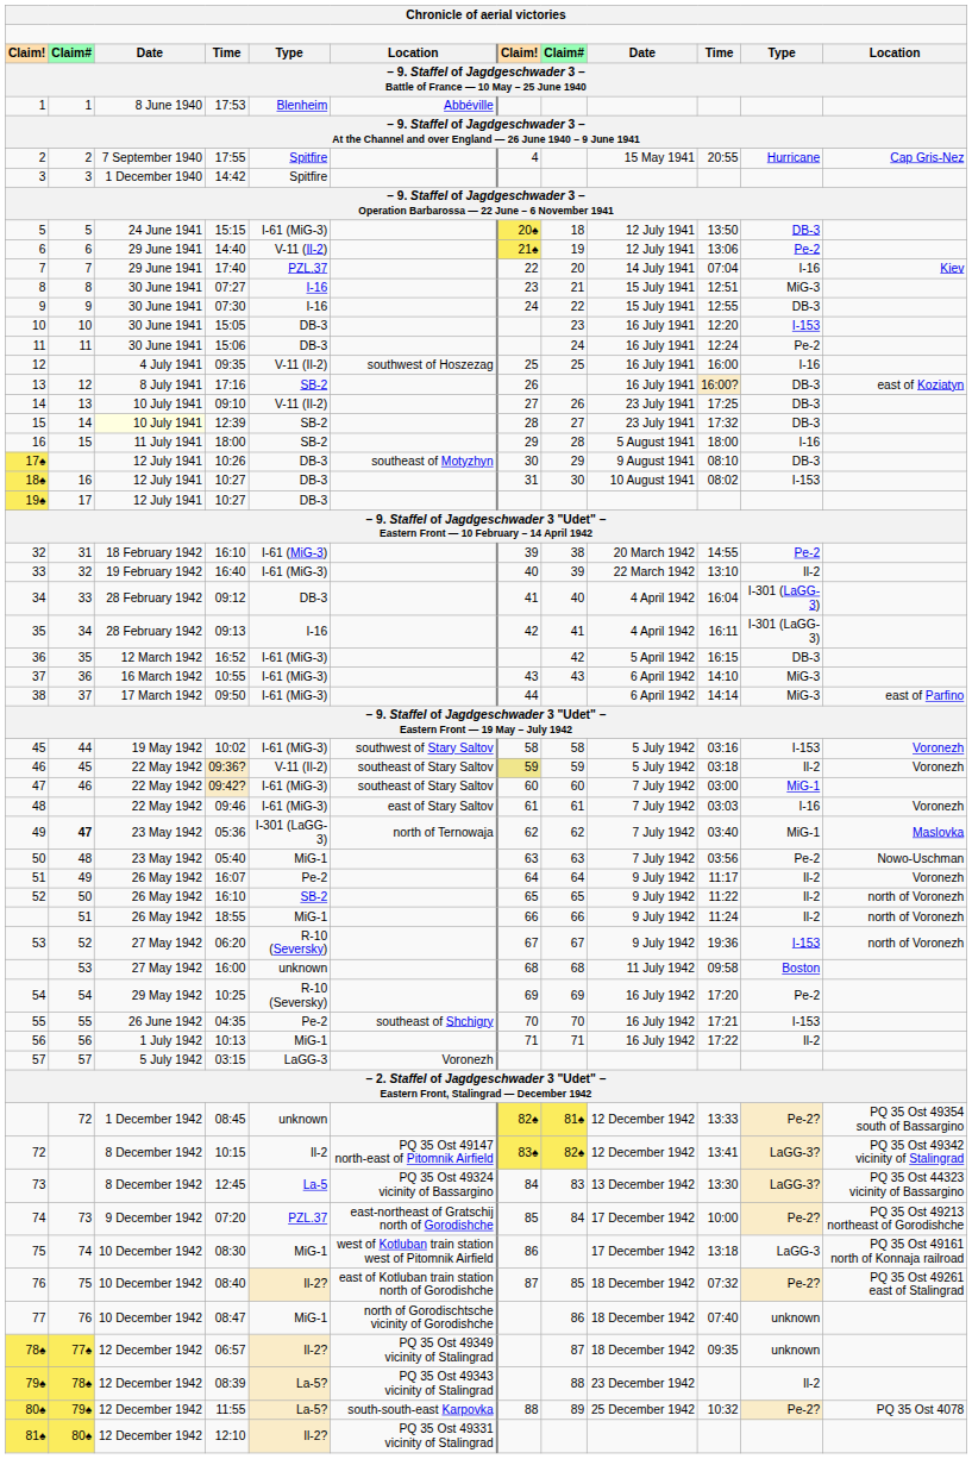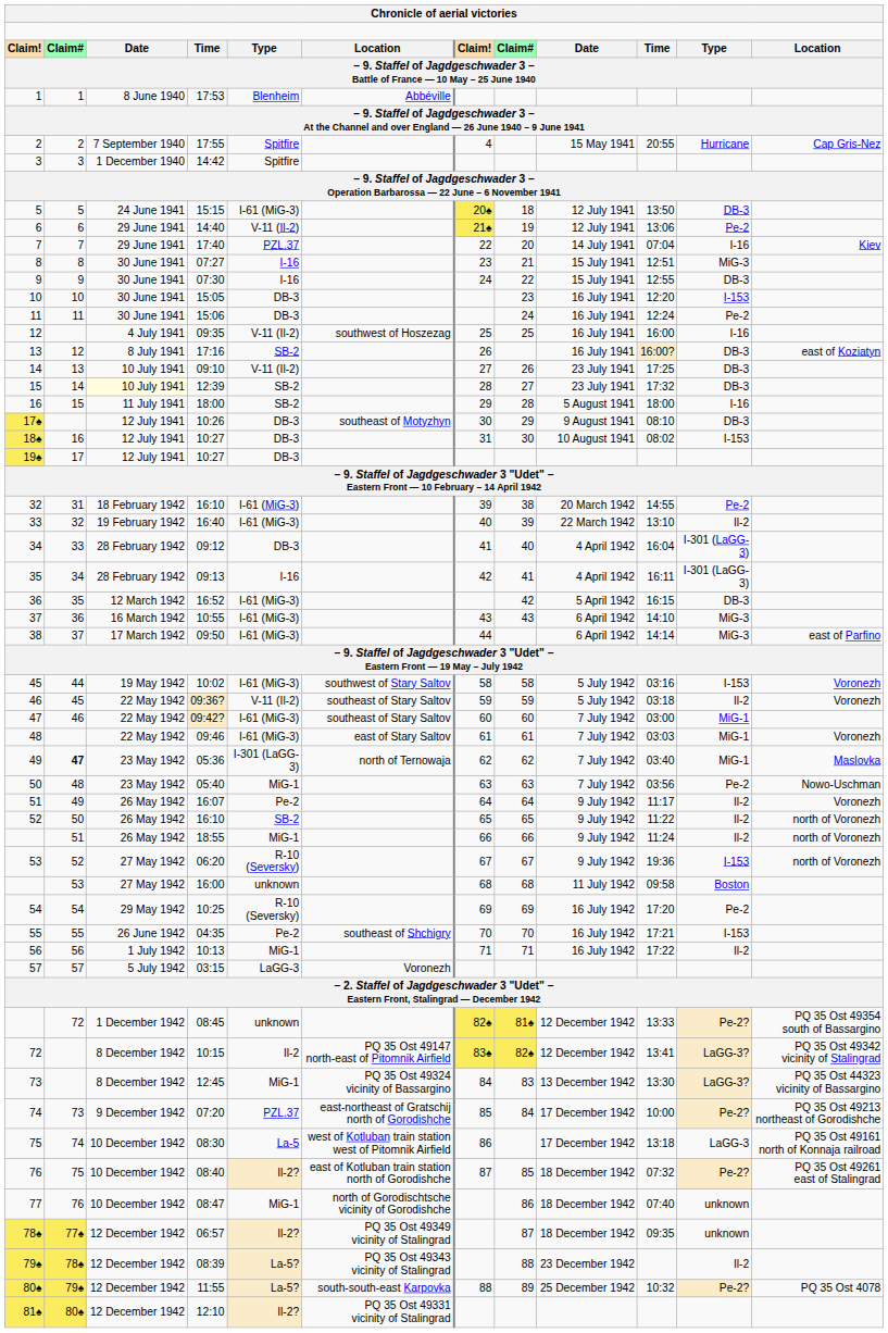 <table class="wikitable plainrowheaders collapsible" style="margin-left: auto; margin-right: auto; border: none; text-align:right; width: 100%;">
 <tr>
 <th colspan="12">Chronicle of aerial victories</th>
 </tr>
 <tr>
 <td colspan="12" style="text-align: left;"><br>   </td>
 </tr>
 <tr>
 <th scope="col" style="background:#ffdead">Claim!</th>
 <th scope="col" style="background:#97ffb6">Claim#</th>
 <th scope="col">Date</th>
 <th scope="col">Time</th>
 <th scope="col" width="100px">Type</th>
 <th scope="col">Location</th>
 <th scope="col" style="border-left: 3px solid grey; background:#ffdead">Claim!</th>
 <th scope="col" style="background:#97ffb6">Claim#</th>
 <th scope="col">Date</th>
 <th scope="col">Time</th>
 <th scope="col" width="100px">Type</th>
 <th scope="col">Location</th>
 </tr>
 <tr>
 <th colspan="12">– 9. <em>Staffel</em> of <em>Jagdgeschwader</em> 3 –<br><small>Battle of France — 10 May – 25 June 1940</small></th>
 </tr>
 <tr>
 <td>1</td>
 <td>1</td>
 <td>8 June 1940</td>
 <td>17:53</td>
 <td><a href='#'>Blenheim</a></td>
 <td><a href='#'>Abbéville</a></td>
 <td style="border-left: 3px solid grey;"></td>
 <td></td>
 <td></td>
 <td></td>
 <td></td>
 <td></td>
 </tr>
 <tr>
 <th colspan="12">– 9. <em>Staffel</em> of <em>Jagdgeschwader</em> 3 –<br><small>At the Channel and over England — 26 June 1940 – 9 June 1941</small></th>
 </tr>
 <tr>
 <td>2</td>
 <td>2</td>
 <td>7 September 1940</td>
 <td>17:55</td>
 <td><a href='#'>Spitfire</a></td>
 <td></td>
 <td style="border-left: 3px solid grey;">4</td>
 <td></td>
 <td>15 May 1941</td>
 <td>20:55</td>
 <td><a href='#'>Hurricane</a></td>
 <td><a href='#'>Cap Gris-Nez</a></td>
 </tr>
 <tr>
 <td>3</td>
 <td>3</td>
 <td>1 December 1940</td>
 <td>14:42</td>
 <td>Spitfire</td>
 <td></td>
 <td style="border-left: 3px solid grey;"></td>
 <td></td>
 <td></td>
 <td></td>
 <td></td>
 <td></td>
 </tr>
 <tr>
 <th colspan="12">– 9. <em>Staffel</em> of <em>Jagdgeschwader</em> 3 –<br><small>Operation Barbarossa — 22 June – 6 November 1941</small></th>
 </tr>
 <tr>
 <td>5</td>
 <td>5</td>
 <td>24 June 1941</td>
 <td>15:15</td>
 <td>I-61 (MiG-3)</td>
 <td></td>
 <td style="border-left: 3px solid grey; background:#fbec5d;">20♠</td>
 <td>18</td>
 <td>12 July 1941</td>
 <td>13:50</td>
 <td><a href='#'>DB-3</a></td>
 <td></td>
 </tr>
 <tr>
 <td>6</td>
 <td>6</td>
 <td>29 June 1941</td>
 <td>14:40</td>
 <td>V-11 (<a href='#'>Il-2</a>)</td>
 <td></td>
 <td style="border-left: 3px solid grey; background:#fbec5d;">21♠</td>
 <td>19</td>
 <td>12 July 1941</td>
 <td>13:06</td>
 <td><a href='#'>Pe-2</a></td>
 <td></td>
 </tr>
 <tr>
 <td>7</td>
 <td>7</td>
 <td>29 June 1941</td>
 <td>17:40</td>
 <td><a href='#'>PZL.37</a></td>
 <td></td>
 <td style="border-left: 3px solid grey;">22</td>
 <td>20</td>
 <td>14 July 1941</td>
 <td>07:04</td>
 <td>I-16</td>
 <td><a href='#'>Kiev</a></td>
 </tr>
 <tr>
 <td>8</td>
 <td>8</td>
 <td>30 June 1941</td>
 <td>07:27</td>
 <td><a href='#'>I-16</a></td>
 <td></td>
 <td style="border-left: 3px solid grey;">23</td>
 <td>21</td>
 <td>15 July 1941</td>
 <td>12:51</td>
 <td>MiG-3</td>
 <td></td>
 </tr>
 <tr>
 <td>9</td>
 <td>9</td>
 <td>30 June 1941</td>
 <td>07:30</td>
 <td>I-16</td>
 <td></td>
 <td style="border-left: 3px solid grey;">24</td>
 <td>22</td>
 <td>15 July 1941</td>
 <td>12:55</td>
 <td>DB-3</td>
 <td></td>
 </tr>
 <tr>
 <td>10</td>
 <td>10</td>
 <td>30 June 1941</td>
 <td>15:05</td>
 <td>DB-3</td>
 <td></td>
 <td style="border-left: 3px solid grey;"></td>
 <td>23</td>
 <td>16 July 1941</td>
 <td>12:20</td>
 <td><a href='#'>I-153</a></td>
 <td></td>
 </tr>
 <tr>
 <td>11</td>
 <td>11</td>
 <td>30 June 1941</td>
 <td>15:06</td>
 <td>DB-3</td>
 <td></td>
 <td style="border-left: 3px solid grey;"></td>
 <td>24</td>
 <td>16 July 1941</td>
 <td>12:24</td>
 <td>Pe-2</td>
 <td></td>
 </tr>
 <tr>
 <td>12</td>
 <td></td>
 <td>4 July 1941</td>
 <td>09:35</td>
 <td>V-11 (Il-2)</td>
 <td>southwest of Hoszezag</td>
 <td style="border-left: 3px solid grey;">25</td>
 <td>25</td>
 <td>16 July 1941</td>
 <td>16:00</td>
 <td>I-16</td>
 <td></td>
 </tr>
 <tr>
 <td>13</td>
 <td>12</td>
 <td>8 July 1941</td>
 <td>17:16</td>
 <td><a href='#'>SB-2</a></td>
 <td></td>
 <td style="border-left: 3px solid grey;">26</td>
 <td></td>
 <td>16 July 1941</td>
 <td style="background:#faecc8">16:00?</td>
 <td>DB-3</td>
 <td> east of <a href='#'>Koziatyn</a></td>
 </tr>
 <tr>
 <td>14</td>
 <td>13</td>
 <td>10 July 1941</td>
 <td>09:10</td>
 <td>V-11 (Il-2)</td>
 <td></td>
 <td style="border-left: 3px solid grey;">27</td>
 <td>26</td>
 <td>23 July 1941</td>
 <td>17:25</td>
 <td>DB-3</td>
 <td></td>
 </tr>
 <tr>
 <td>15</td>
 <td>14</td>
 <td style="background: lightyellow;">10 July 1941</td>
 <td>12:39</td>
 <td>SB-2</td>
 <td></td>
 <td style="border-left: 3px solid grey;">28</td>
 <td>27</td>
 <td>23 July 1941</td>
 <td>17:32</td>
 <td>DB-3</td>
 <td></td>
 </tr>
 <tr>
 <td>16</td>
 <td>15</td>
 <td>11 July 1941</td>
 <td>18:00</td>
 <td>SB-2</td>
 <td></td>
 <td style="border-left: 3px solid grey;">29</td>
 <td>28</td>
 <td>5 August 1941</td>
 <td>18:00</td>
 <td>I-16</td>
 <td></td>
 </tr>
 <tr>
 <td style="background:#fbec5d;">17♠</td>
 <td></td>
 <td>12 July 1941</td>
 <td>10:26</td>
 <td>DB-3</td>
 <td> southeast of <a href='#'>Motyzhyn</a></td>
 <td style="border-left: 3px solid grey;">30</td>
 <td>29</td>
 <td>9 August 1941</td>
 <td>08:10</td>
 <td>DB-3</td>
 <td></td>
 </tr>
 <tr>
 <td style="background:#fbec5d;">18♠</td>
 <td>16</td>
 <td>12 July 1941</td>
 <td>10:27</td>
 <td>DB-3</td>
 <td></td>
 <td style="border-left: 3px solid grey;">31</td>
 <td>30</td>
 <td>10 August 1941</td>
 <td>08:02</td>
 <td>I-153</td>
 <td></td>
 </tr>
 <tr>
 <td style="background:#fbec5d;">19♠</td>
 <td>17</td>
 <td>12 July 1941</td>
 <td>10:27</td>
 <td>DB-3</td>
 <td></td>
 <td style="border-left: 3px solid grey;"></td>
 <td></td>
 <td></td>
 <td></td>
 <td></td>
 <td></td>
 </tr>
 <tr>
 <th colspan="12">– 9. <em>Staffel</em> of <em>Jagdgeschwader</em> 3 "Udet" –<br><small>Eastern Front — 10 February – 14 April 1942</small></th>
 </tr>
 <tr>
 <td>32</td>
 <td>31</td>
 <td>18 February 1942</td>
 <td>16:10</td>
 <td>I-61 (<a href='#'>MiG-3</a>)</td>
 <td></td>
 <td style="border-left: 3px solid grey;">39</td>
 <td>38</td>
 <td>20 March 1942</td>
 <td>14:55</td>
 <td><a href='#'>Pe-2</a></td>
 <td></td>
 </tr>
 <tr>
 <td>33</td>
 <td>32</td>
 <td>19 February 1942</td>
 <td>16:40</td>
 <td>I-61 (MiG-3)</td>
 <td></td>
 <td style="border-left: 3px solid grey;">40</td>
 <td>39</td>
 <td>22 March 1942</td>
 <td>13:10</td>
 <td>Il-2</td>
 <td></td>
 </tr>
 <tr>
 <td>34</td>
 <td>33</td>
 <td>28 February 1942</td>
 <td>09:12</td>
 <td>DB-3</td>
 <td></td>
 <td style="border-left: 3px solid grey;">41</td>
 <td>40</td>
 <td>4 April 1942</td>
 <td>16:04</td>
 <td>I-301 (<a href='#'>LaGG-3</a>)</td>
 <td></td>
 </tr>
 <tr>
 <td>35</td>
 <td>34</td>
 <td>28 February 1942</td>
 <td>09:13</td>
 <td>I-16</td>
 <td></td>
 <td style="border-left: 3px solid grey;">42</td>
 <td>41</td>
 <td>4 April 1942</td>
 <td>16:11</td>
 <td>I-301 (LaGG-3)</td>
 <td></td>
 </tr>
 <tr>
 <td>36</td>
 <td>35</td>
 <td>12 March 1942</td>
 <td>16:52</td>
 <td>I-61 (MiG-3)</td>
 <td></td>
 <td style="border-left: 3px solid grey;"></td>
 <td>42</td>
 <td>5 April 1942</td>
 <td>16:15</td>
 <td>DB-3</td>
 <td></td>
 </tr>
 <tr>
 <td>37</td>
 <td>36</td>
 <td>16 March 1942</td>
 <td>10:55</td>
 <td>I-61 (MiG-3)</td>
 <td></td>
 <td style="border-left: 3px solid grey;">43</td>
 <td>43</td>
 <td>6 April 1942</td>
 <td>14:10</td>
 <td>MiG-3</td>
 <td></td>
 </tr>
 <tr>
 <td>38</td>
 <td>37</td>
 <td>17 March 1942</td>
 <td>09:50</td>
 <td>I-61 (MiG-3)</td>
 <td></td>
 <td style="border-left: 3px solid grey;">44</td>
 <td></td>
 <td>6 April 1942</td>
 <td>14:14</td>
 <td>MiG-3</td>
 <td> east of <a href='#'>Parfino</a></td>
 </tr>
 <tr>
 <th colspan="12">– 9. <em>Staffel</em> of <em>Jagdgeschwader</em> 3 "Udet" –<br><small>Eastern Front — 19 May – July 1942</small></th>
 </tr>
 <tr>
 <td>45</td>
 <td>44</td>
 <td>19 May 1942</td>
 <td>10:02</td>
 <td>I-61 (MiG-3)</td>
 <td> southwest of <a href='#'>Stary Saltov</a></td>
 <td style="border-left: 3px solid grey;">58</td>
 <td>58</td>
 <td>5 July 1942</td>
 <td>03:16</td>
 <td>I-153</td>
 <td><a href='#'>Voronezh</a></td>
 </tr>
 <tr>
 <td>46</td>
 <td>45</td>
 <td>22 May 1942</td>
 <td style="background:#faecc8">09:36?</td>
 <td>V-11 (Il-2)</td>
 <td> southeast of Stary Saltov</td>
-<td style="background: khaki; border-left: 3px solid grey;">59</td>
+<td style="border-left: 3px solid grey;">59</td>
 <td>59</td>
 <td>5 July 1942</td>
 <td>03:18</td>
 <td>Il-2</td>
 <td>Voronezh</td>
 </tr>
 <tr>
 <td>47</td>
 <td>46</td>
 <td>22 May 1942</td>
 <td style="background:#faecc8">09:42?</td>
 <td>I-61 (MiG-3)</td>
 <td> southeast of Stary Saltov</td>
 <td style="border-left: 3px solid grey;">60</td>
 <td>60</td>
 <td>7 July 1942</td>
 <td>03:00</td>
 <td><a href='#'>MiG-1</a></td>
 <td></td>
 </tr>
 <tr>
 <td>48</td>
 <td></td>
 <td>22 May 1942</td>
 <td>09:46</td>
 <td>I-61 (MiG-3)</td>
 <td> east of Stary Saltov</td>
 <td style="border-left: 3px solid grey;">61</td>
 <td>61</td>
 <td>7 July 1942</td>
 <td>03:03</td>
-<td>I-16</td>
+<td>MiG-1</td>
 <td>Voronezh</td>
 </tr>
 <tr>
 <td>49</td>
 <td><strong>47</strong></td>
 <td>23 May 1942</td>
 <td>05:36</td>
 <td>I-301 (LaGG-3)</td>
 <td>north of Ternowaja</td>
 <td style="border-left: 3px solid grey;">62</td>
 <td>62</td>
 <td>7 July 1942</td>
 <td>03:40</td>
 <td>MiG-1</td>
 <td><a href='#'>Maslovka</a></td>
 </tr>
 <tr>
 <td>50</td>
 <td>48</td>
 <td>23 May 1942</td>
 <td>05:40</td>
 <td>MiG-1</td>
 <td></td>
 <td style="border-left: 3px solid grey;">63</td>
 <td>63</td>
 <td>7 July 1942</td>
 <td>03:56</td>
 <td>Pe-2</td>
 <td>Nowo-Uschman</td>
 </tr>
 <tr>
 <td>51</td>
 <td>49</td>
 <td>26 May 1942</td>
 <td>16:07</td>
 <td>Pe-2</td>
 <td></td>
 <td style="border-left: 3px solid grey;">64</td>
 <td>64</td>
 <td>9 July 1942</td>
 <td>11:17</td>
 <td>Il-2</td>
 <td>Voronezh</td>
 </tr>
 <tr>
 <td>52</td>
 <td>50</td>
 <td>26 May 1942</td>
 <td>16:10</td>
 <td><a href='#'>SB-2</a></td>
 <td></td>
 <td style="border-left: 3px solid grey;">65</td>
 <td>65</td>
 <td>9 July 1942</td>
 <td>11:22</td>
 <td>Il-2</td>
 <td>north of Voronezh</td>
 </tr>
 <tr>
 <td></td>
 <td>51</td>
 <td>26 May 1942</td>
 <td>18:55</td>
 <td>MiG-1</td>
 <td></td>
 <td style="border-left: 3px solid grey;">66</td>
 <td>66</td>
 <td>9 July 1942</td>
 <td>11:24</td>
 <td>Il-2</td>
 <td>north of Voronezh</td>
 </tr>
 <tr>
 <td>53</td>
 <td>52</td>
 <td>27 May 1942</td>
 <td>06:20</td>
 <td>R-10 (<a href='#'>Seversky</a>)</td>
 <td></td>
 <td style="border-left: 3px solid grey;">67</td>
 <td>67</td>
 <td>9 July 1942</td>
 <td>19:36</td>
 <td><a href='#'>I-153</a></td>
 <td>north of Voronezh</td>
 </tr>
 <tr>
 <td></td>
 <td>53</td>
 <td>27 May 1942</td>
 <td>16:00</td>
 <td>unknown</td>
 <td></td>
 <td style="border-left: 3px solid grey;">68</td>
 <td>68</td>
 <td>11 July 1942</td>
 <td>09:58</td>
 <td><a href='#'>Boston</a></td>
 <td></td>
 </tr>
 <tr>
 <td>54</td>
 <td>54</td>
 <td>29 May 1942</td>
 <td>10:25</td>
 <td>R-10 (Seversky)</td>
 <td></td>
 <td style="border-left: 3px solid grey;">69</td>
 <td>69</td>
 <td>16 July 1942</td>
 <td>17:20</td>
 <td>Pe-2</td>
 <td></td>
 </tr>
 <tr>
 <td>55</td>
 <td>55</td>
 <td>26 June 1942</td>
 <td>04:35</td>
 <td>Pe-2</td>
 <td> southeast of <a href='#'>Shchigry</a></td>
 <td style="border-left: 3px solid grey;">70</td>
 <td>70</td>
 <td>16 July 1942</td>
 <td>17:21</td>
 <td>I-153</td>
 <td></td>
 </tr>
 <tr>
 <td>56</td>
 <td>56</td>
 <td>1 July 1942</td>
 <td>10:13</td>
 <td>MiG-1</td>
 <td></td>
 <td style="border-left: 3px solid grey;">71</td>
 <td>71</td>
 <td>16 July 1942</td>
 <td>17:22</td>
 <td>Il-2</td>
 <td></td>
 </tr>
 <tr>
 <td>57</td>
 <td>57</td>
 <td>5 July 1942</td>
 <td>03:15</td>
 <td>LaGG-3</td>
 <td>Voronezh</td>
 <td style="border-left: 3px solid grey;"></td>
 <td></td>
 <td></td>
 <td></td>
 <td></td>
 <td></td>
 </tr>
 <tr>
 <th colspan="12">– 2. <em>Staffel</em> of <em>Jagdgeschwader</em> 3 "Udet" –<br><small>Eastern Front, Stalingrad — December 1942</small></th>
 </tr>
 <tr>
 <td></td>
 <td>72</td>
 <td>1 December 1942</td>
 <td>08:45</td>
 <td>unknown</td>
 <td></td>
 <td style="border-left: 3px solid grey; background:#fbec5d;">82♠</td>
 <td style="background:#fbec5d;">81♠</td>
 <td>12 December 1942</td>
 <td>13:33</td>
 <td style="background:#faecc8">Pe-2?</td>
 <td>PQ 35 Ost 49354<br> south of Bassargino</td>
 </tr>
 <tr>
 <td>72</td>
 <td></td>
 <td>8 December 1942</td>
 <td>10:15</td>
 <td>Il-2</td>
 <td>PQ 35 Ost 49147<br> north-east of <a href='#'>Pitomnik Airfield</a></td>
 <td style="border-left: 3px solid grey; background:#fbec5d;">83♠</td>
 <td style="background:#fbec5d;">82♠</td>
 <td>12 December 1942</td>
 <td>13:41</td>
 <td style="background:#faecc8">LaGG-3?</td>
 <td>PQ 35 Ost 49342<br>vicinity of <a href='#'>Stalingrad</a></td>
 </tr>
 <tr>
 <td>73</td>
 <td></td>
 <td>8 December 1942</td>
 <td>12:45</td>
-<td><a href='#'>La-5</a></td>
+<td>MiG-1</td>
 <td>PQ 35 Ost 49324<br>vicinity of Bassargino</td>
 <td style="border-left: 3px solid grey;">84</td>
 <td>83</td>
 <td>13 December 1942</td>
 <td>13:30</td>
 <td style="background:#faecc8">LaGG-3?</td>
 <td>PQ 35 Ost 44323<br>vicinity of Bassargino</td>
 </tr>
 <tr>
 <td>74</td>
 <td>73</td>
 <td>9 December 1942</td>
 <td>07:20</td>
 <td><a href='#'>PZL.37</a></td>
 <td> east-northeast of Gratschij<br> north of <a href='#'>Gorodishche</a></td>
 <td style="border-left: 3px solid grey;">85</td>
 <td>84</td>
 <td>17 December 1942</td>
 <td>10:00</td>
 <td style="background:#faecc8">Pe-2?</td>
 <td>PQ 35 Ost 49213<br> northeast of Gorodishche</td>
 </tr>
 <tr>
 <td>75</td>
 <td>74</td>
 <td>10 December 1942</td>
 <td>08:30</td>
-<td>MiG-1</td>
+<td><a href='#'>La-5</a></td>
 <td>west of <a href='#'>Kotluban</a> train station<br>west of Pitomnik Airfield</td>
 <td style="border-left: 3px solid grey;">86</td>
 <td></td>
 <td>17 December 1942</td>
 <td>13:18</td>
 <td>LaGG-3</td>
 <td>PQ 35 Ost 49161<br>north of Konnaja railroad</td>
 </tr>
 <tr>
 <td>76</td>
 <td>75</td>
 <td>10 December 1942</td>
 <td>08:40</td>
 <td style="background:#faecc8">Il-2?</td>
 <td> east of Kotluban train station<br> north of Gorodishche</td>
 <td style="border-left: 3px solid grey;">87</td>
 <td>85</td>
 <td>18 December 1942</td>
 <td>07:32</td>
 <td style="background:#faecc8">Pe-2?</td>
 <td>PQ 35 Ost 49261<br> east of Stalingrad</td>
 </tr>
 <tr>
 <td>77</td>
 <td>76</td>
 <td>10 December 1942</td>
 <td>08:47</td>
 <td>MiG-1</td>
 <td> north of Gorodischtsche<br>vicinity of Gorodishche</td>
 <td style="border-left: 3px solid grey;"></td>
 <td>86</td>
 <td>18 December 1942</td>
 <td>07:40</td>
 <td>unknown</td>
 <td></td>
 </tr>
 <tr>
 <td style="background:#fbec5d;">78♠</td>
 <td style="background:#fbec5d;">77♠</td>
 <td>12 December 1942</td>
 <td>06:57</td>
 <td style="background:#faecc8">Il-2?</td>
 <td>PQ 35 Ost 49349<br>vicinity of Stalingrad</td>
 <td style="border-left: 3px solid grey;"></td>
 <td>87</td>
 <td>18 December 1942</td>
 <td>09:35</td>
 <td>unknown</td>
 <td></td>
 </tr>
 <tr>
 <td style="background:#fbec5d;">79♠</td>
 <td style="background:#fbec5d;">78♠</td>
 <td>12 December 1942</td>
 <td>08:39</td>
 <td style="background:#faecc8">La-5?</td>
 <td>PQ 35 Ost 49343<br>vicinity of Stalingrad</td>
 <td style="border-left: 3px solid grey;"></td>
 <td>88</td>
 <td>23 December 1942</td>
 <td></td>
 <td>Il-2</td>
 <td></td>
 </tr>
 <tr>
 <td style="background:#fbec5d;">80♠</td>
 <td style="background:#fbec5d;">79♠</td>
 <td>12 December 1942</td>
 <td>11:55</td>
 <td style="background:#faecc8">La-5?</td>
 <td> south-south-east <a href='#'>Karpovka</a></td>
 <td style="border-left: 3px solid grey;">88</td>
 <td>89</td>
 <td>25 December 1942</td>
 <td>10:32</td>
 <td style="background:#faecc8">Pe-2?</td>
 <td>PQ 35 Ost 4078</td>
 </tr>
 <tr>
 <td style="background:#fbec5d;">81♠</td>
 <td style="background:#fbec5d;">80♠</td>
 <td>12 December 1942</td>
 <td>12:10</td>
 <td style="background:#faecc8">Il-2?</td>
 <td>PQ 35 Ost 49331<br>vicinity of Stalingrad</td>
 <td style="border-left: 3px solid grey;"></td>
 <td></td>
 <td></td>
 <td></td>
 <td></td>
 <td></td>
 </tr>
 </table>
